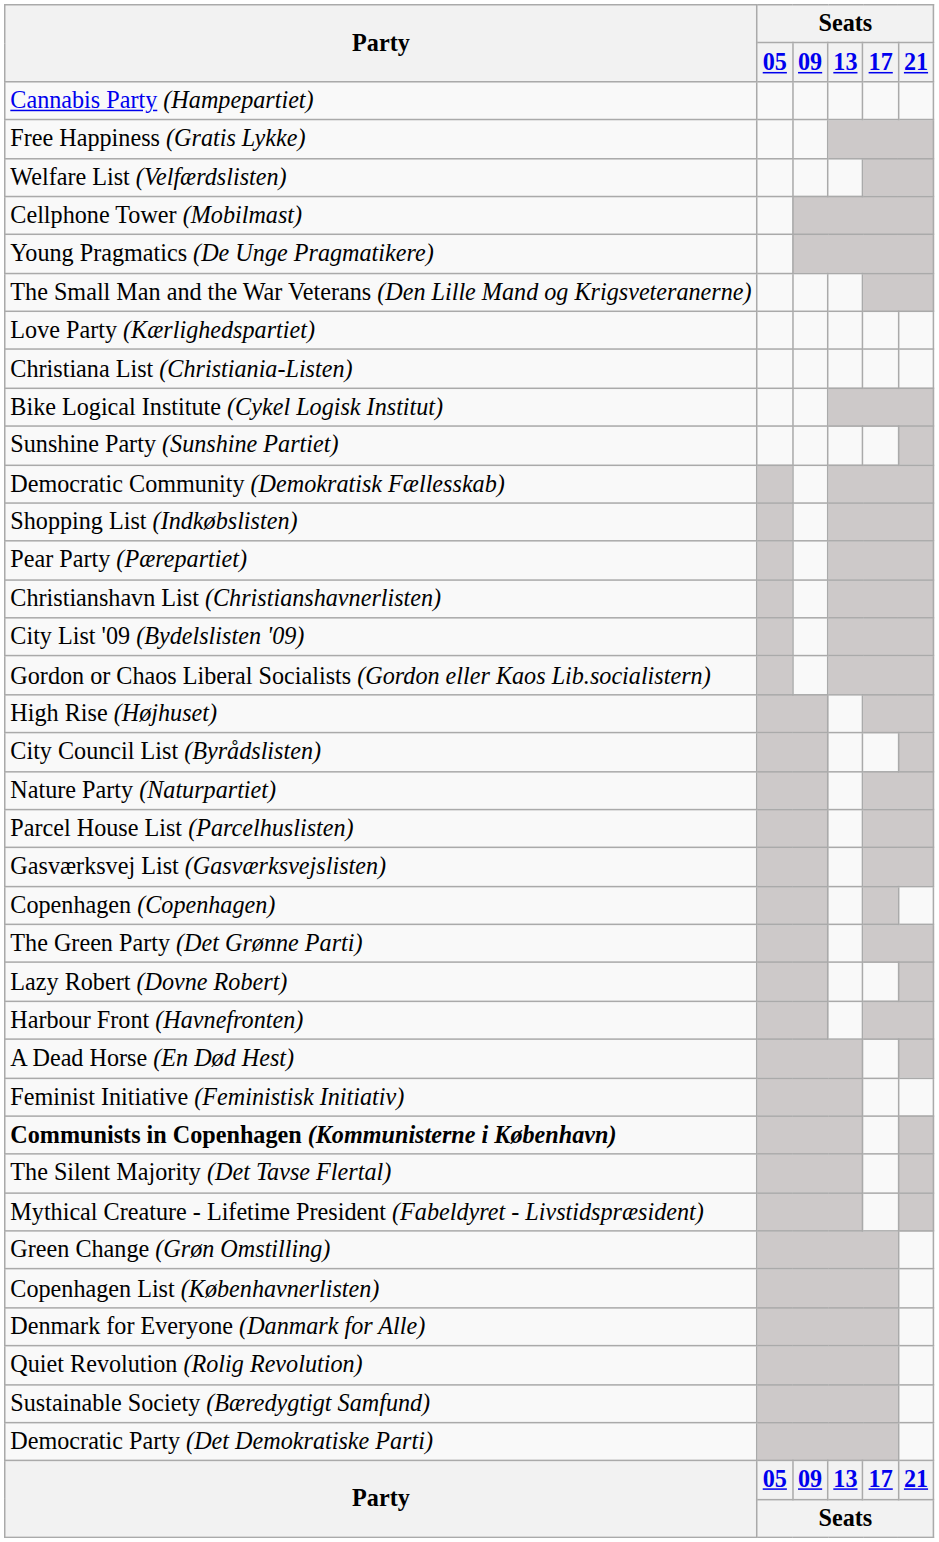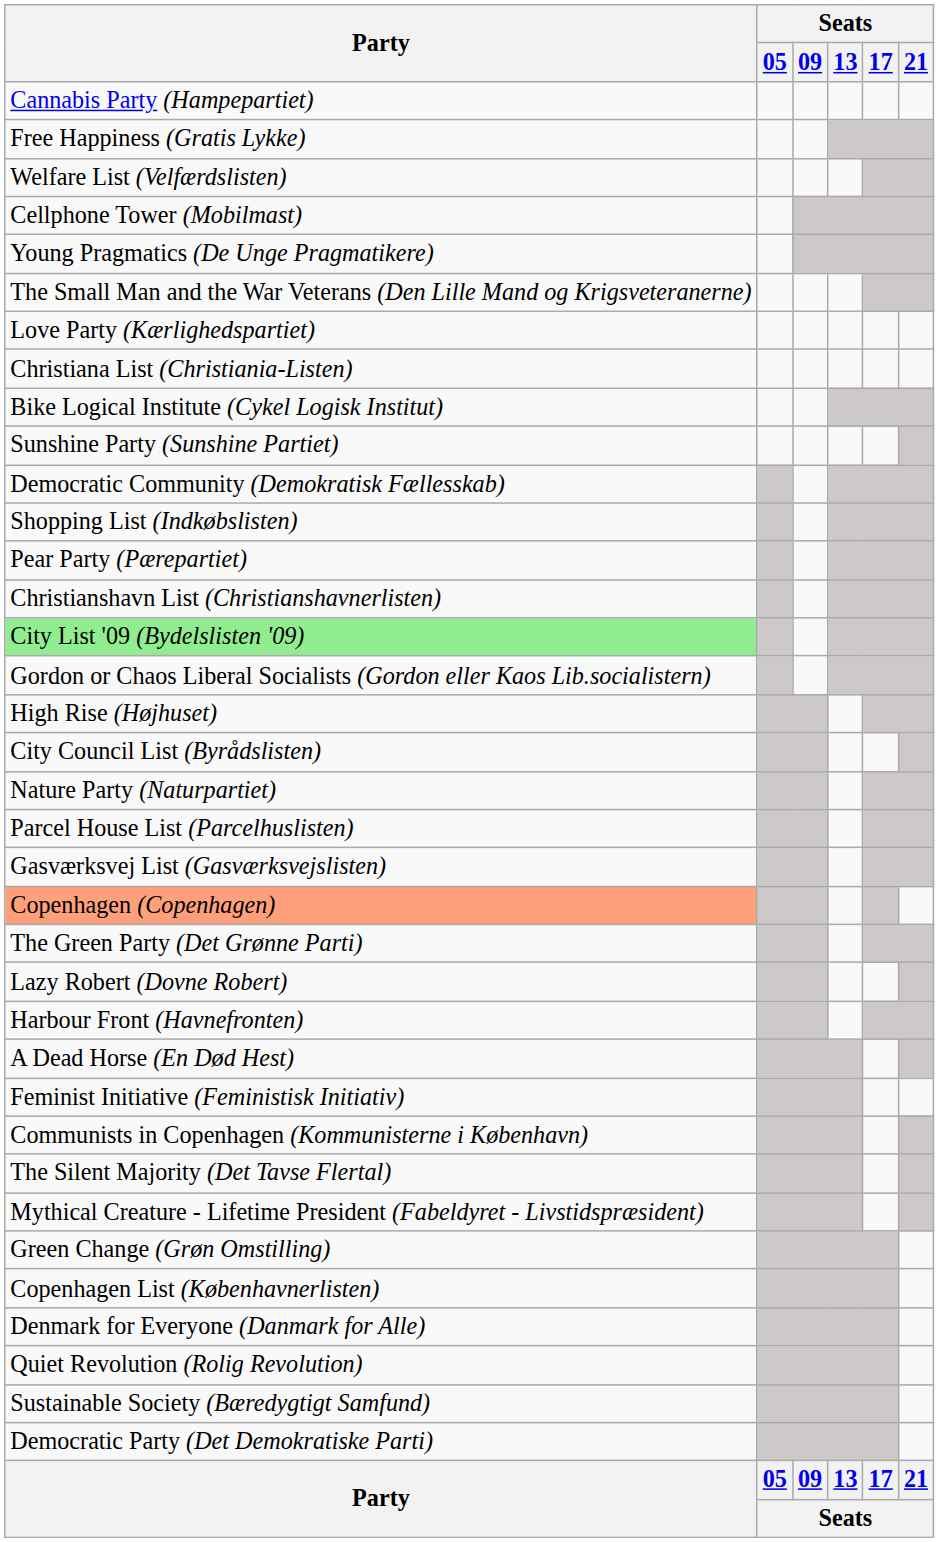 <table class="wikitable">
 <tr>
 <th rowspan=2>Party</th>
 <th colspan=11>Seats</th>
 </tr>
 <tr>
 <th><a href='#'>05</a></th>
 <th><a href='#'>09</a></th>
 <th><a href='#'>13</a></th>
 <th><a href='#'>17</a></th>
 <th><a href='#'>21</a></th>
 </tr>
 <tr>
 <td><a href='#'>Cannabis Party</a> <em>(Hampepartiet)</em></td>
 <td></td>
 <td></td>
 <td></td>
 <td></td>
 <td></td>
 </tr>
 <tr>
 <td>Free Happiness <em>(Gratis Lykke)</em></td>
 <td></td>
 <td></td>
 <td style="background:#CDC9C9;" colspan=3></td>
 </tr>
 <tr>
 <td>Welfare List <em>(Velfærdslisten)</em></td>
 <td></td>
 <td></td>
 <td></td>
 <td style="background:#CDC9C9;" colspan=2></td>
 </tr>
 <tr>
 <td>Cellphone Tower <em>(Mobilmast)</em></td>
 <td></td>
 <td style="background:#CDC9C9;" colspan=4></td>
 </tr>
 <tr>
 <td>Young Pragmatics <em>(De Unge Pragmatikere)</em></td>
 <td></td>
 <td style="background:#CDC9C9;" colspan=4></td>
 </tr>
 <tr>
 <td>The Small Man and the War Veterans <em>(Den Lille Mand og Krigsveteranerne)</em></td>
 <td></td>
 <td></td>
 <td></td>
 <td style="background:#CDC9C9;" colspan=2></td>
 </tr>
 <tr>
 <td>Love Party <em>(Kærlighedspartiet)</em></td>
 <td></td>
 <td></td>
 <td></td>
 <td></td>
 <td></td>
 </tr>
 <tr>
 <td>Christiana List <em>(Christiania-Listen)</em></td>
 <td></td>
 <td></td>
 <td></td>
 <td></td>
 <td></td>
 </tr>
 <tr>
 <td>Bike Logical Institute <em>(Cykel Logisk Institut)</em></td>
 <td></td>
 <td></td>
 <td style="background:#CDC9C9;" colspan=3></td>
 </tr>
 <tr>
 <td>Sunshine Party <em>(Sunshine Partiet)</em></td>
 <td></td>
 <td></td>
 <td></td>
 <td></td>
 <td style="background:#CDC9C9;"></td>
 </tr>
 <tr>
 <td>Democratic Community <em>(Demokratisk Fællesskab)</em></td>
 <td style="background:#CDC9C9;"></td>
 <td></td>
 <td style="background:#CDC9C9;" colspan=3></td>
 </tr>
 <tr>
 <td>Shopping List <em>(Indkøbslisten)</em></td>
 <td style="background:#CDC9C9;"></td>
 <td></td>
 <td style="background:#CDC9C9;" colspan=3></td>
 </tr>
 <tr>
 <td>Pear Party <em>(Pærepartiet)</em></td>
 <td style="background:#CDC9C9;"></td>
 <td></td>
 <td style="background:#CDC9C9;" colspan=3></td>
 </tr>
 <tr>
 <td>Christianshavn List <em>(Christianshavnerlisten)</em></td>
 <td style="background:#CDC9C9;"></td>
 <td></td>
 <td style="background:#CDC9C9;" colspan=3></td>
 </tr>
 <tr>
-<td>City List '09 <em>(Bydelslisten '09)</em></td>
+<td style="background: lightgreen;">City List '09 <em>(Bydelslisten '09)</em></td>
 <td style="background:#CDC9C9;"></td>
 <td></td>
 <td style="background:#CDC9C9;" colspan=3></td>
 </tr>
 <tr>
 <td>Gordon or Chaos Liberal Socialists <em>(Gordon eller Kaos Lib.socialistern)</em></td>
 <td style="background:#CDC9C9;"></td>
 <td></td>
 <td style="background:#CDC9C9;" colspan=3></td>
 </tr>
 <tr>
 <td>High Rise <em>(Højhuset)</em></td>
 <td style="background:#CDC9C9;" colspan=2></td>
 <td></td>
 <td style="background:#CDC9C9;" colspan=2></td>
 </tr>
 <tr>
 <td>City Council List <em>(Byrådslisten)</em></td>
 <td style="background:#CDC9C9;" colspan=2></td>
 <td></td>
 <td></td>
 <td style="background:#CDC9C9;"></td>
 </tr>
 <tr>
 <td>Nature Party <em>(Naturpartiet)</em></td>
 <td style="background:#CDC9C9;" colspan=2></td>
 <td></td>
 <td style="background:#CDC9C9;" colspan=2></td>
 </tr>
 <tr>
 <td>Parcel House List <em>(Parcelhuslisten)</em></td>
 <td style="background:#CDC9C9;" colspan=2></td>
 <td></td>
 <td style="background:#CDC9C9;" colspan=2></td>
 </tr>
 <tr>
 <td>Gasværksvej List <em>(Gasværksvejslisten)</em></td>
 <td style="background:#CDC9C9;" colspan=2></td>
 <td></td>
 <td style="background:#CDC9C9;" colspan=2></td>
 </tr>
 <tr>
-<td>Copenhagen <em>(Copenhagen)</em></td>
+<td style="background: lightsalmon;">Copenhagen <em>(Copenhagen)</em></td>
 <td style="background:#CDC9C9;" colspan=2></td>
 <td></td>
 <td style="background:#CDC9C9;"></td>
 <td></td>
 </tr>
 <tr>
 <td>The Green Party <em>(Det Grønne Parti)</em></td>
 <td style="background:#CDC9C9;" colspan=2></td>
 <td></td>
 <td style="background:#CDC9C9;" colspan=2></td>
 </tr>
 <tr>
 <td>Lazy Robert <em>(Dovne Robert)</em></td>
 <td style="background:#CDC9C9;" colspan=2></td>
 <td></td>
 <td></td>
 <td style="background:#CDC9C9;"></td>
 </tr>
 <tr>
 <td>Harbour Front <em>(Havnefronten)</em></td>
 <td style="background:#CDC9C9;" colspan=2></td>
 <td></td>
 <td style="background:#CDC9C9;" colspan=2></td>
 </tr>
 <tr>
 <td>A Dead Horse <em>(En Død Hest)</em></td>
 <td style="background:#CDC9C9;" colspan=3></td>
 <td></td>
 <td style="background:#CDC9C9;"></td>
 </tr>
 <tr>
 <td>Feminist Initiative <em>(Feministisk Initiativ)</em></td>
 <td style="background:#CDC9C9;" colspan=3></td>
 <td></td>
 <td></td>
 </tr>
 <tr>
-<td><strong>Communists in Copenhagen <em>(Kommunisterne i København)</em></strong></td>
+<td>Communists in Copenhagen <em>(Kommunisterne i København)</em></td>
 <td style="background:#CDC9C9;" colspan=3></td>
 <td></td>
 <td style="background:#CDC9C9;"></td>
 </tr>
 <tr>
 <td>The Silent Majority <em>(Det Tavse Flertal)</em></td>
 <td style="background:#CDC9C9;" colspan=3></td>
 <td></td>
 <td style="background:#CDC9C9;"></td>
 </tr>
 <tr>
 <td>Mythical Creature - Lifetime President <em>(Fabeldyret - Livstidspræsident)</em></td>
 <td style="background:#CDC9C9;" colspan=3></td>
 <td></td>
 <td style="background:#CDC9C9;"></td>
 </tr>
 <tr>
 <td>Green Change <em>(Grøn Omstilling)</em></td>
 <td style="background:#CDC9C9;" colspan=4></td>
 <td></td>
 </tr>
 <tr>
 <td>Copenhagen List <em>(Københavnerlisten)</em></td>
 <td style="background:#CDC9C9;" colspan=4></td>
 <td></td>
 </tr>
 <tr>
 <td>Denmark for Everyone <em>(Danmark for Alle)</em></td>
 <td style="background:#CDC9C9;" colspan=4></td>
 <td></td>
 </tr>
 <tr>
 <td>Quiet Revolution <em>(Rolig Revolution)</em></td>
 <td style="background:#CDC9C9;" colspan=4></td>
 <td></td>
 </tr>
 <tr>
 <td>Sustainable Society <em>(Bæredygtigt Samfund)</em></td>
 <td style="background:#CDC9C9;" colspan=4></td>
 <td></td>
 </tr>
 <tr>
 <td>Democratic Party <em>(Det Demokratiske Parti)</em></td>
 <td style="background:#CDC9C9;" colspan=4></td>
 <td></td>
 </tr>
 <tr>
 <th rowspan=2>Party</th>
 <th><a href='#'>05</a></th>
 <th><a href='#'>09</a></th>
 <th><a href='#'>13</a></th>
 <th><a href='#'>17</a></th>
 <th><a href='#'>21</a></th>
 </tr>
 <tr>
 <th colspan=11>Seats</th>
 </tr>
 </table>
